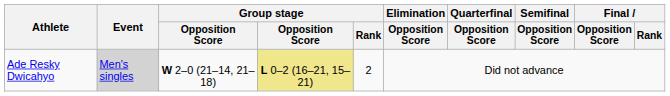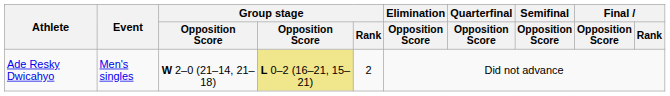 <table class="wikitable" style="font-size:90%">
 <tr>
 <th rowspan=2>Athlete</th>
 <th rowspan=2>Event</th>
 <th colspan=3>Group stage</th>
 <th>Elimination</th>
 <th>Quarterfinal</th>
 <th>Semifinal</th>
 <th colspan=2>Final / </th>
 </tr>
 <tr style="font-size:95%">
 <th>Opposition<br>Score</th>
 <th>Opposition<br>Score</th>
 <th>Rank</th>
 <th>Opposition<br>Score</th>
 <th>Opposition<br>Score</th>
 <th>Opposition<br>Score</th>
 <th>Opposition<br>Score</th>
 <th>Rank</th>
 </tr>
 <tr align=center>
 <td align=left><a href='#'>Ade Resky Dwicahyo</a></td>
-<td align=left style="background: lightgrey;"><a href='#'>Men's singles</a></td>
+<td align=left><a href='#'>Men's singles</a></td>
 <td><br><strong>W</strong> 2–0 (21–14, 21–18)</td>
 <td style="background: khaki;"><br><strong>L</strong> 0–2 (16–21, 15–21)</td>
 <td>2</td>
 <td colspan=5>Did not advance</td>
 </tr>
 </table>
